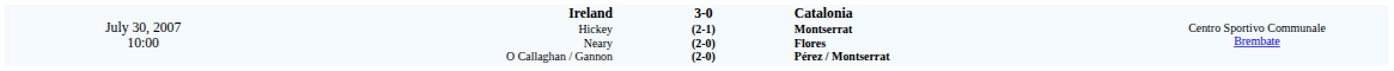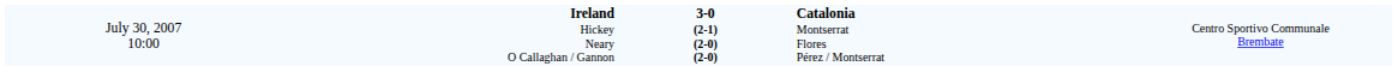 <table style="width: 100%; background:#F5FAFF;" cellspacing="0">
 <tr>
 <td align=center rowspan=3 width=20%>July 30, 2007<br>10:00</td>
 </tr>
 <tr>
 <td width=24% align=right><strong>Ireland</strong></td>
 <td align=center width=13%><strong>3-0</strong></td>
 <td width=24%><strong>Catalonia</strong></td>
 <td style=font-size:85% rowspan=3 valign=middle align=center>Centro Sportivo Communale<br><a href='#'>Brembate</a></td>
 </tr>
 <tr style=font-size:85%>
 <td align=right valign=top>Hickey<br>Neary<br>O Callaghan / Gannon</td>
 <td align=center><strong>(2-1)<br>(2-0)<br>(2-0)</strong></td>
-<td><strong>Montserrat<br>Flores<br>Pérez / Montserrat</strong></td>
+<td>Montserrat<br>Flores<br>Pérez / Montserrat</td>
 </tr>
 </table>
